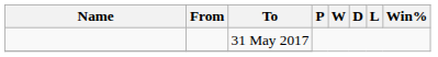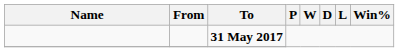 <table class="wikitable sortable" style="text-align: center;">
 <tr>
 <th style="width:12em">Name</th>
 <th>From</th>
 <th>To</th>
 <th>P</th>
 <th>W</th>
 <th>D</th>
 <th>L</th>
 <th>Win%</th>
 </tr>
 <tr>
 <td align=left></td>
 <td></td>
-<td>31 May 2017<br></td>
+<td><strong>31 May 2017<br></strong></td>
 </tr>
 <tr>
 </tr>
 </table>
